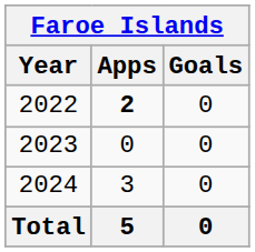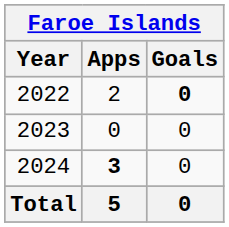 <table class=wikitable style=text-align:center>
 <tr>
 <th colspan=4><a href='#'>Faroe Islands</a></th>
 </tr>
 <tr>
 <th>Year</th>
 <th>Apps</th>
 <th>Goals</th>
 </tr>
 <tr>
 <td>2022</td>
-<td><strong>2</strong></td>
-<td>0</td>
+<td>2</td>
+<td><strong>0</strong></td>
 </tr>
 <tr>
 <td>2023</td>
 <td>0</td>
 <td>0</td>
 </tr>
 <tr>
 <td>2024</td>
-<td>3</td>
+<td><strong>3</strong></td>
 <td>0</td>
 </tr>
 <tr>
 <th colspan=1>Total</th>
 <th>5</th>
 <th>0</th>
 </tr>
 </table>
